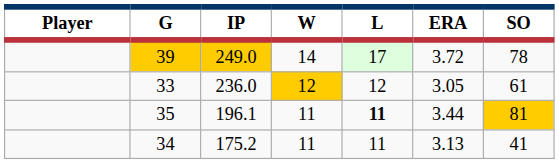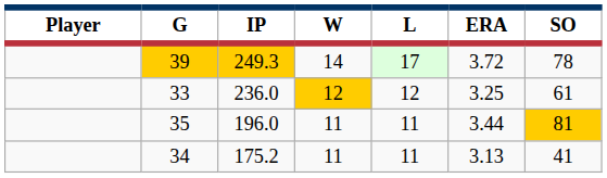 <table class="wikitable sortable">
 <tr>
 <th style="background:#FFFFFF; border-top:#023465 5px solid; border-bottom:#ba313c 5px solid;" width="16%">Player</th>
 <th style="background:#FFFFFF; border-top:#023465 5px solid; border-bottom:#ba313c 5px solid;" width="9%">G</th>
 <th style="background:#FFFFFF; border-top:#023465 5px solid; border-bottom:#ba313c 5px solid;" width="9%">IP</th>
 <th style="background:#FFFFFF; border-top:#023465 5px solid; border-bottom:#ba313c 5px solid;" width="9%">W</th>
 <th style="background:#FFFFFF; border-top:#023465 5px solid; border-bottom:#ba313c 5px solid;" width="9%">L</th>
 <th style="background:#FFFFFF; border-top:#023465 5px solid; border-bottom:#ba313c 5px solid;" width="9%">ERA</th>
 <th style="background:#FFFFFF; border-top:#023465 5px solid; border-bottom:#ba313c 5px solid;" width="9%">SO</th>
 </tr>
 <tr align="center">
 <td></td>
 <td style="background:#fc0;">39</td>
-<td style="background:#fc0;">249.0</td>
+<td style="background:#fc0;">249.3</td>
 <td>14</td>
 <td style="background:#DDFFDD;">17</td>
 <td>3.72</td>
 <td>78</td>
 </tr>
 <tr align="center">
 <td></td>
 <td>33</td>
 <td>236.0</td>
 <td style="background:#fc0;">12</td>
 <td>12</td>
-<td>3.05</td>
+<td>3.25</td>
 <td>61</td>
 </tr>
 <tr align="center">
 <td></td>
 <td>35</td>
-<td>196.1</td>
+<td>196.0</td>
 <td>11</td>
-<td><strong>11</strong></td>
+<td>11</td>
 <td>3.44</td>
 <td style="background:#fc0;">81</td>
 </tr>
 <tr align="center">
 <td></td>
 <td>34</td>
 <td>175.2</td>
 <td>11</td>
 <td>11</td>
 <td>3.13</td>
 <td>41</td>
 </tr>
 </table>
